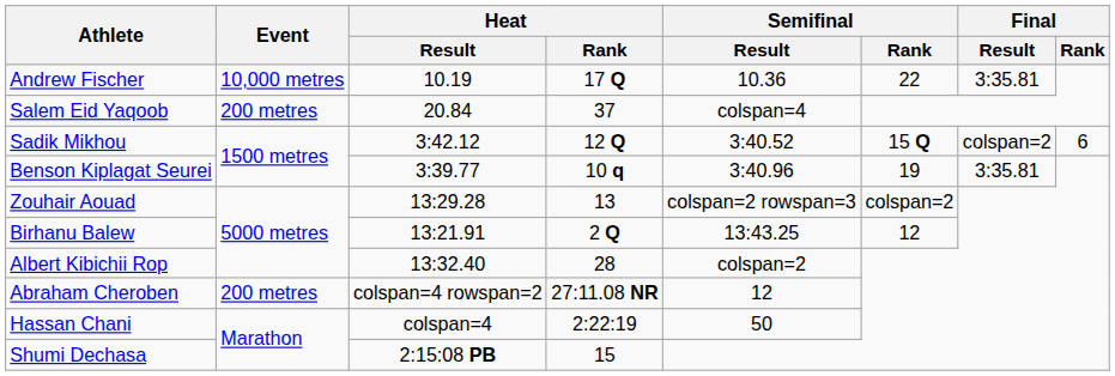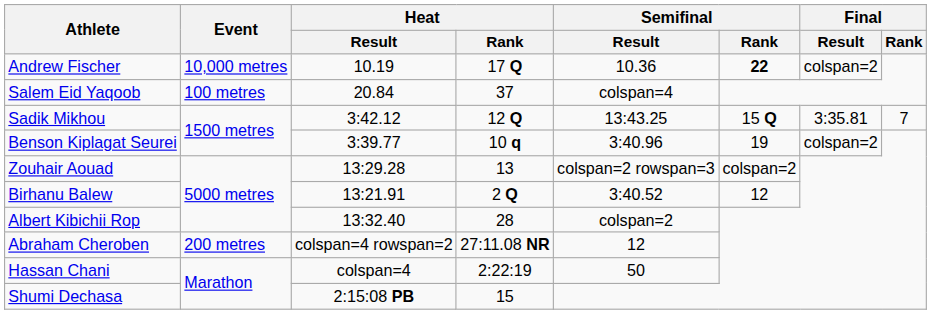 <table class="wikitable" style="font-size:90%">
 <tr>
 <th rowspan="2">Athlete</th>
 <th rowspan="2">Event</th>
 <th colspan="2">Heat</th>
 <th colspan="2">Semifinal</th>
 <th colspan="2">Final</th>
 </tr>
 <tr style="font-size:95%">
 <th>Result</th>
 <th>Rank</th>
 <th>Result</th>
 <th>Rank</th>
 <th>Result</th>
 <th>Rank</th>
 </tr>
 <tr style=text-align:center>
 <td style=text-align:left><a href='#'>Andrew Fischer</a></td>
 <td style=text-align:left><a href='#'>10,000 metres</a></td>
 <td>10.19</td>
 <td>17 <strong>Q</strong></td>
 <td>10.36</td>
-<td>22</td>
-<td>3:35.81</td>
+<td><strong>22</strong></td>
+<td>colspan=2 </td>
 </tr>
 <tr style=text-align:center>
 <td style=text-align:left><a href='#'>Salem Eid Yaqoob</a></td>
-<td style=text-align:left><a href='#'>200 metres</a></td>
+<td style=text-align:left><a href='#'>100 metres</a></td>
 <td>20.84</td>
 <td>37</td>
 <td>colspan=4 </td>
 </tr>
 <tr style=text-align:center>
 <td style=text-align:left><a href='#'>Sadik Mikhou</a></td>
 <td style=text-align:left rowspan=2><a href='#'>1500 metres</a></td>
 <td>3:42.12</td>
 <td>12 <strong>Q</strong></td>
-<td>3:40.52</td>
+<td>13:43.25</td>
 <td>15 <strong>Q</strong></td>
-<td>colspan=2 </td>
-<td>6</td>
+<td>3:35.81</td>
+<td>7</td>
 </tr>
 <tr style=text-align:center>
 <td style=text-align:left><a href='#'>Benson Kiplagat Seurei</a></td>
 <td>3:39.77</td>
 <td>10 <strong>q</strong></td>
 <td>3:40.96</td>
 <td>19</td>
-<td>3:35.81</td>
+<td>colspan=2 </td>
 </tr>
 <tr style=text-align:center>
 <td style=text-align:left><a href='#'>Zouhair Aouad</a></td>
 <td style=text-align:left rowspan=3><a href='#'>5000 metres</a></td>
 <td>13:29.28</td>
 <td>13</td>
 <td>colspan=2 rowspan=3 </td>
 <td>colspan=2 </td>
 </tr>
 <tr style=text-align:center>
 <td style=text-align:left><a href='#'>Birhanu Balew</a></td>
 <td>13:21.91</td>
 <td>2 <strong>Q</strong></td>
-<td>13:43.25</td>
+<td>3:40.52</td>
 <td>12</td>
 </tr>
 <tr style=text-align:center>
 <td style=text-align:left><a href='#'>Albert Kibichii Rop</a></td>
 <td>13:32.40</td>
 <td>28</td>
 <td>colspan=2 </td>
 </tr>
 <tr style=text-align:center>
 <td style=text-align:left><a href='#'>Abraham Cheroben</a></td>
 <td style=text-align:left><a href='#'>200 metres</a></td>
 <td>colspan=4 rowspan=2 </td>
 <td>27:11.08 <strong>NR</strong></td>
 <td>12</td>
 </tr>
 <tr style=text-align:center>
 <td style=text-align:left><a href='#'>Hassan Chani</a></td>
 <td style=text-align:left rowspan=2><a href='#'>Marathon</a></td>
 <td>colspan=4</td>
 <td>2:22:19</td>
 <td>50</td>
 </tr>
 <tr style=text-align:center>
 <td style=text-align:left><a href='#'>Shumi Dechasa</a></td>
 <td>2:15:08 <strong>PB</strong></td>
 <td>15</td>
 </tr>
 </table>
